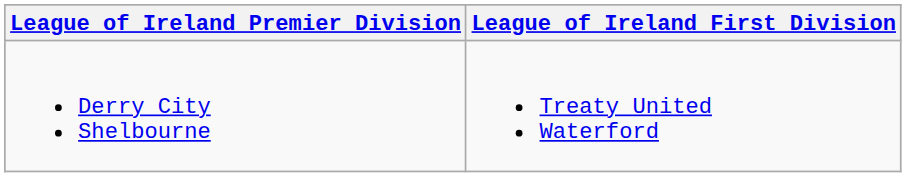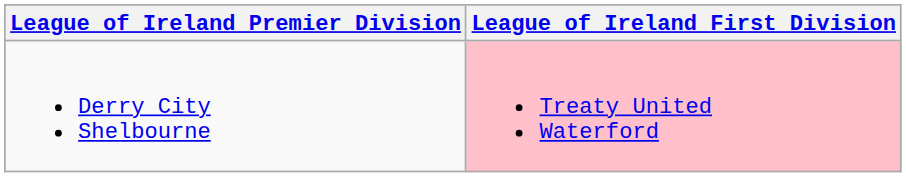 <table class="wikitable">
 <tr>
 <th><a href='#'>League of Ireland Premier Division</a></th>
 <th><a href='#'>League of Ireland First Division</a></th>
 </tr>
 <tr>
 <td valign="top"><br><ul><li><a href='#'>Derry City</a></li><li><a href='#'>Shelbourne</a></li></ul></td>
-<td valign="top"><br><ul><li><a href='#'>Treaty United</a></li><li><a href='#'>Waterford</a></li></ul></td>
+<td valign="top" style="background: pink;"><br><ul><li><a href='#'>Treaty United</a></li><li><a href='#'>Waterford</a></li></ul></td>
 </tr>
 </table>
